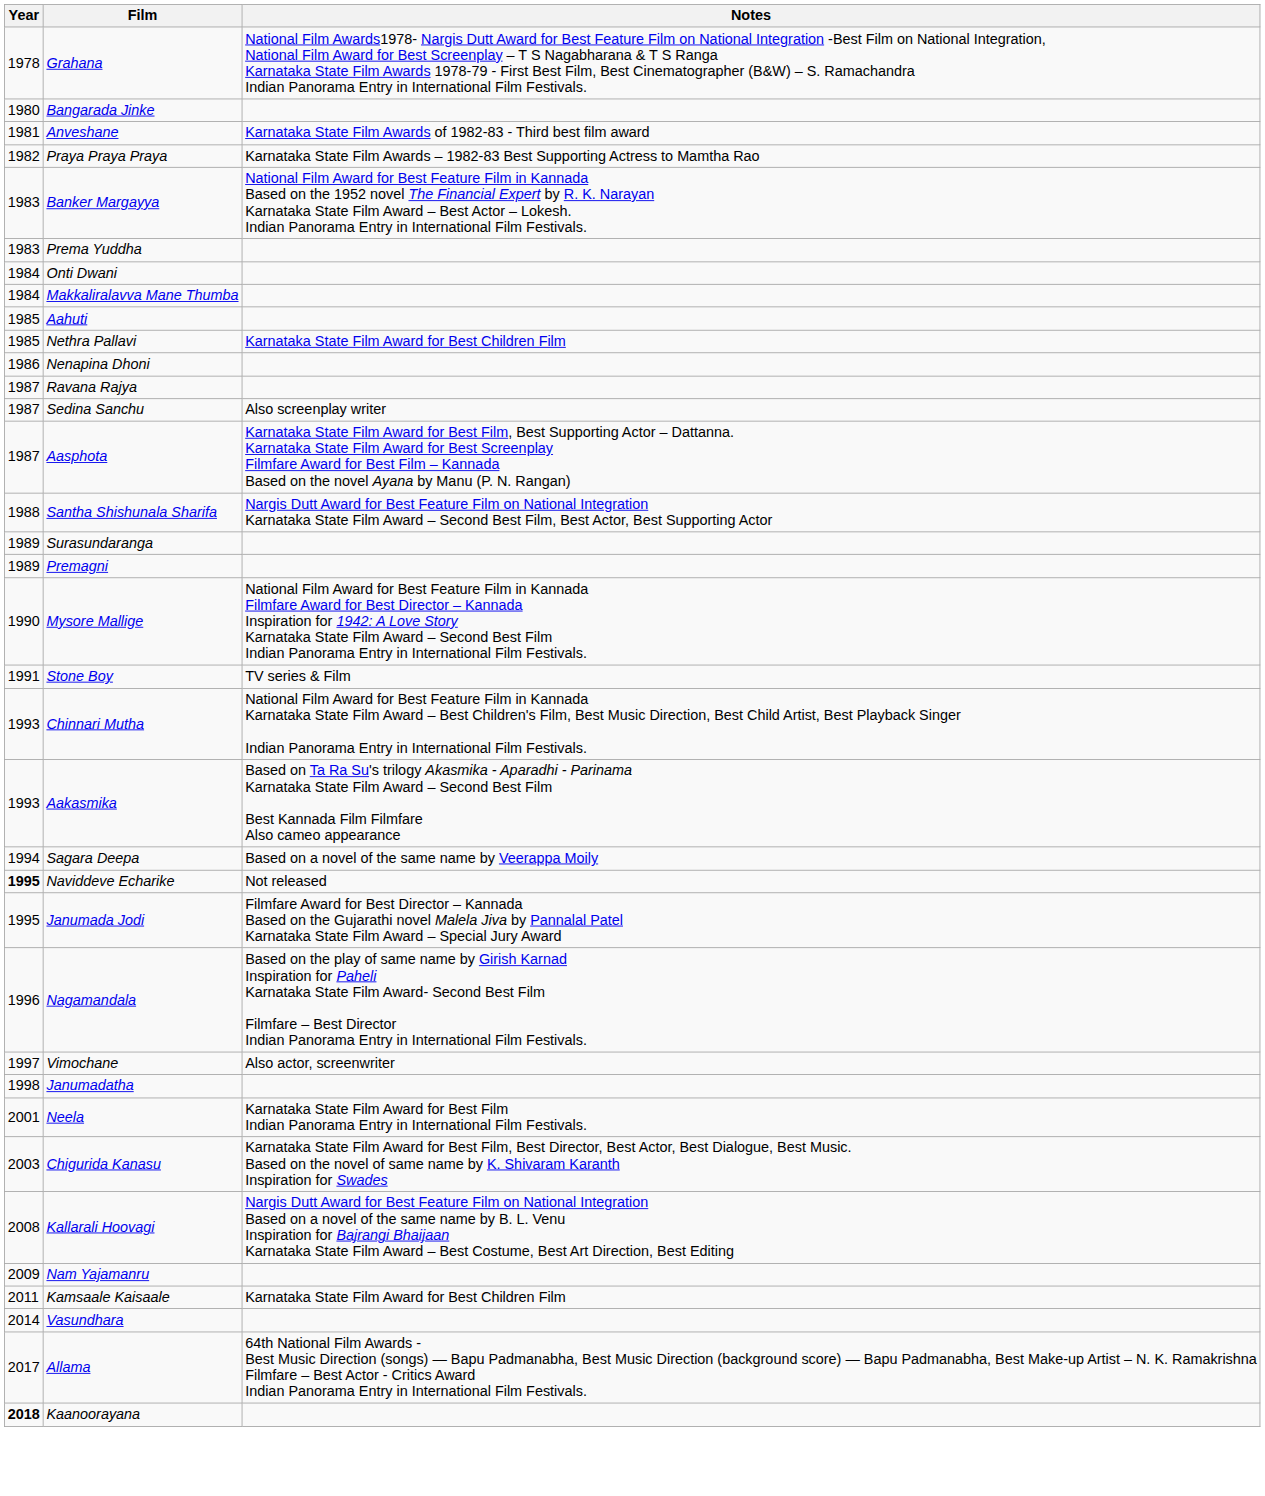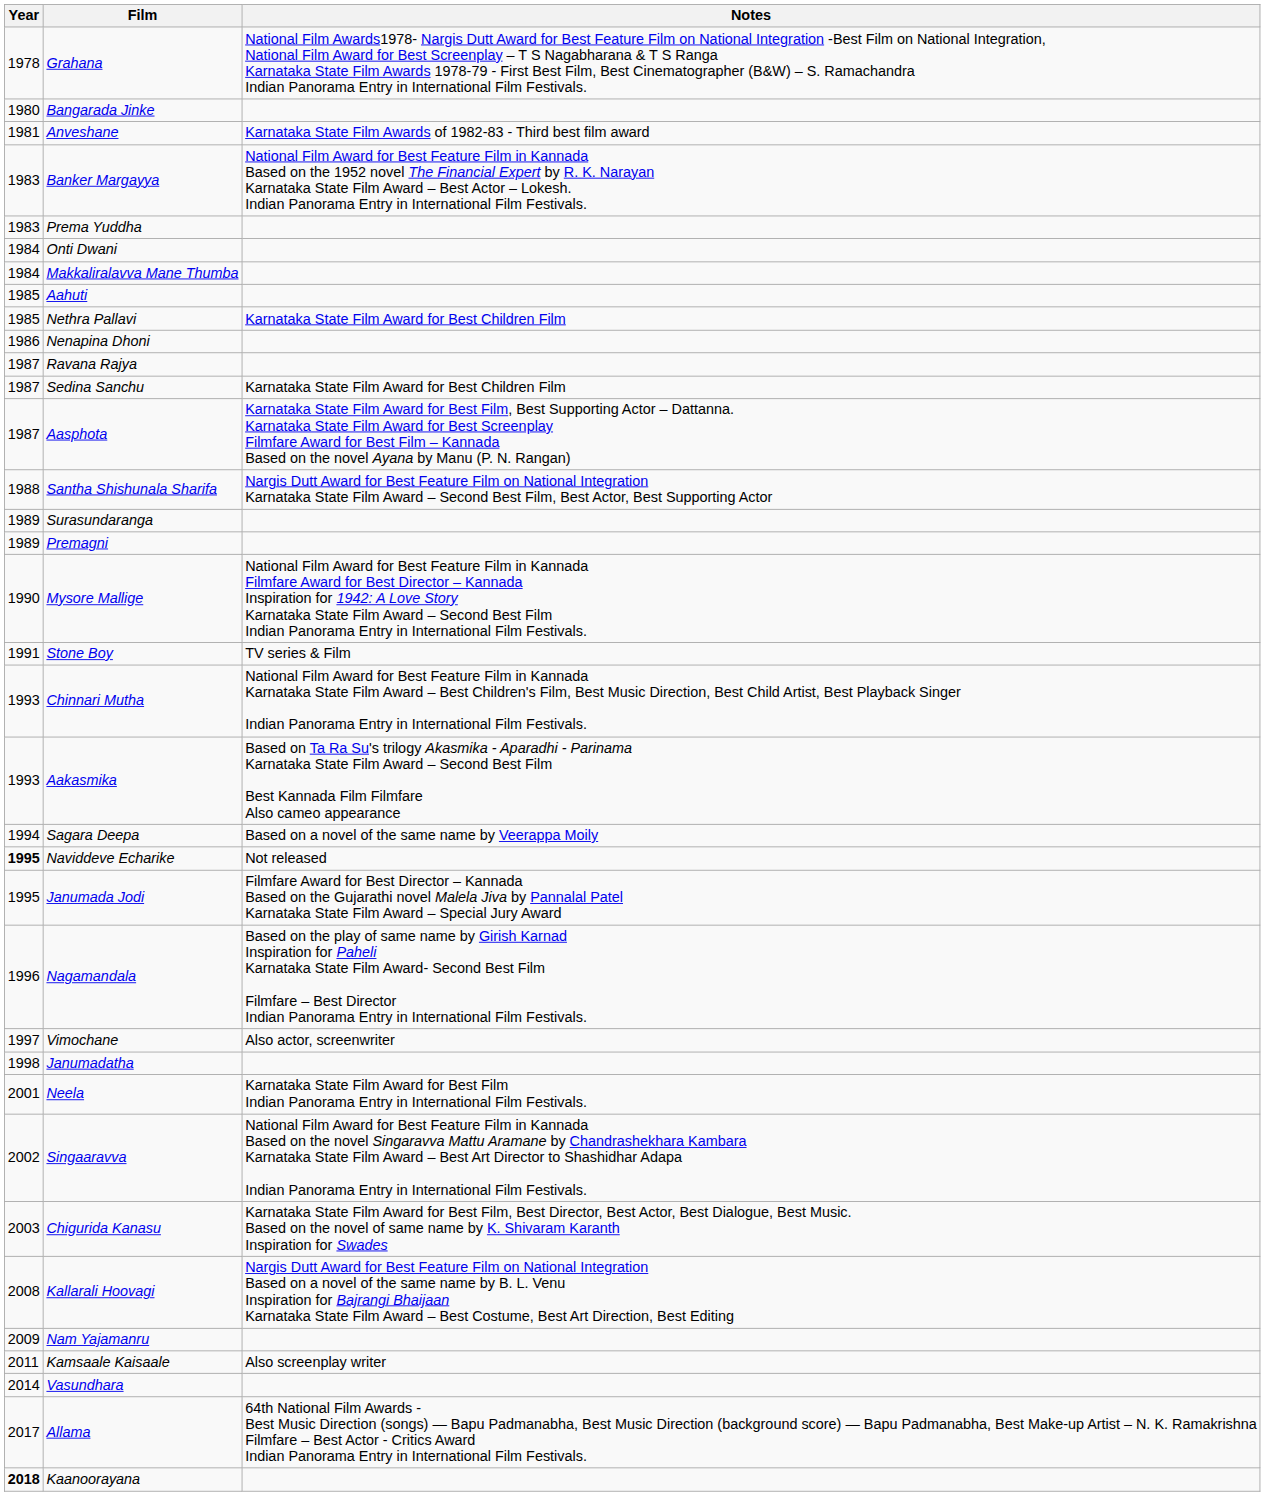 <table class="wikitable sortable">
 <tr>
 <th>Year</th>
 <th>Film</th>
 <th>Notes</th>
 </tr>
 <tr>
 <td>1978</td>
 <td><em><a href='#'>Grahana</a></em></td>
 <td><a href='#'>National Film Awards</a>1978- <a href='#'>Nargis Dutt Award for Best Feature Film on National Integration</a> -Best Film on National Integration,<br><a href='#'>National Film Award for Best Screenplay</a> –  T S Nagabharana & T S Ranga<br><a href='#'>Karnataka State Film Awards</a> 1978-79 - First Best Film, Best Cinematographer (B&W) – S. Ramachandra<br> Indian Panorama Entry in International Film Festivals.</td>
 </tr>
 <tr>
 <td>1980</td>
 <td><em><a href='#'>Bangarada Jinke</a></em></td>
 <td></td>
 </tr>
 <tr>
 <td>1981</td>
 <td><em><a href='#'>Anveshane</a></em></td>
 <td><a href='#'>Karnataka State Film Awards</a> of 1982-83 - Third best film award</td>
-</tr>
-<tr>
-<td>1982</td>
-<td><em>Praya Praya Praya</em></td>
-<td>Karnataka State Film Awards – 1982-83 Best Supporting Actress to Mamtha Rao</td>
 </tr>
 <tr>
 <td>1983</td>
 <td><em><a href='#'>Banker Margayya</a></em></td>
 <td><a href='#'>National Film Award for Best Feature Film in Kannada</a><br> Based on the 1952 novel <em><a href='#'>The Financial Expert</a></em> by <a href='#'>R. K. Narayan</a><br> Karnataka State Film Award – Best Actor – Lokesh.<br>Indian Panorama Entry in International Film Festivals.</td>
 </tr>
 <tr>
 <td>1983</td>
 <td><em>Prema Yuddha</em></td>
 <td></td>
 </tr>
 <tr>
 <td>1984</td>
 <td><em>Onti Dwani</em></td>
 <td></td>
 </tr>
 <tr>
 <td>1984</td>
 <td><em><a href='#'>Makkaliralavva Mane Thumba</a></em></td>
 <td></td>
 </tr>
 <tr>
 <td>1985</td>
 <td><em><a href='#'>Aahuti</a></em></td>
 <td></td>
 </tr>
 <tr>
 <td>1985</td>
 <td><em>Nethra Pallavi</em></td>
 <td><a href='#'>Karnataka State Film Award for Best Children Film</a></td>
 </tr>
 <tr>
 <td>1986</td>
 <td><em>Nenapina Dhoni</em></td>
 <td></td>
 </tr>
 <tr>
 <td>1987</td>
 <td><em>Ravana Rajya</em></td>
 <td></td>
 </tr>
 <tr>
 <td>1987</td>
 <td><em>Sedina Sanchu</em></td>
-<td>Also screenplay writer</td>
+<td>Karnataka State Film Award for Best Children Film</td>
 </tr>
 <tr>
 <td>1987</td>
 <td><em><a href='#'>Aasphota</a></em></td>
 <td><a href='#'>Karnataka State Film Award for Best Film</a>, Best Supporting Actor – Dattanna.<br><a href='#'>Karnataka State Film Award for Best Screenplay</a><br><a href='#'>Filmfare Award for Best Film – Kannada</a><br>Based on the novel <em>Ayana</em> by Manu (P. N. Rangan)</td>
 </tr>
 <tr>
 <td>1988</td>
 <td><em><a href='#'>Santha Shishunala Sharifa</a></em></td>
 <td><a href='#'>Nargis Dutt Award for Best Feature Film on National Integration</a><br> Karnataka State Film Award – Second Best Film, Best Actor, Best Supporting Actor</td>
 </tr>
 <tr>
 <td>1989</td>
 <td><em>Surasundaranga</em></td>
 <td></td>
 </tr>
 <tr>
 <td>1989</td>
 <td><em><a href='#'>Premagni</a></em></td>
 <td></td>
 </tr>
 <tr>
 <td>1990</td>
 <td><em><a href='#'>Mysore Mallige</a></em></td>
 <td>National Film Award for Best Feature Film in Kannada<br><a href='#'>Filmfare Award for Best Director – Kannada</a><br> Inspiration for <em><a href='#'>1942: A Love Story</a></em> <br> Karnataka State Film Award – Second Best Film <br> Indian Panorama Entry in International Film Festivals.</td>
 </tr>
 <tr>
 <td>1991</td>
 <td><em><a href='#'>Stone Boy</a></em></td>
 <td>TV series & Film</td>
 </tr>
 <tr>
 <td>1993</td>
 <td><em><a href='#'>Chinnari Mutha</a></em></td>
 <td>National Film Award for Best Feature Film in Kannada <br> Karnataka State Film Award – Best Children's Film, Best Music Direction, Best Child Artist, Best Playback Singer <br><br>Indian Panorama Entry in International Film Festivals.</td>
 </tr>
 <tr>
 <td>1993</td>
 <td><em><a href='#'>Aakasmika</a></em></td>
 <td>Based on <a href='#'>Ta Ra Su</a>'s trilogy <em>Akasmika - Aparadhi - Parinama</em><br> Karnataka State Film Award – Second Best Film <br><br>Best Kannada Film Filmfare <br>  Also cameo appearance</td>
 </tr>
 <tr>
 <td>1994</td>
 <td><em>Sagara Deepa</em></td>
 <td>Based on a novel of the same name by <a href='#'>Veerappa Moily</a></td>
 </tr>
 <tr>
 <td><strong>1995</strong></td>
 <td><em>Naviddeve Echarike</em></td>
 <td>Not released</td>
 </tr>
 <tr>
 <td>1995</td>
 <td><em><a href='#'>Janumada Jodi</a></em></td>
 <td>Filmfare Award for Best Director – Kannada <br>Based on the Gujarathi novel <em>Malela Jiva</em> by <a href='#'>Pannalal Patel</a> <br> Karnataka State Film Award – Special Jury Award</td>
 </tr>
 <tr>
 <td>1996</td>
 <td><em><a href='#'>Nagamandala</a></em></td>
 <td>Based on the play of same name by <a href='#'>Girish Karnad</a><br> Inspiration for <em><a href='#'>Paheli</a></em> <br> Karnataka State Film Award- Second Best Film <br><br>Filmfare – Best Director <br> Indian Panorama Entry in International Film Festivals.</td>
 </tr>
 <tr>
 <td>1997</td>
 <td><em>Vimochane</em></td>
 <td>Also actor, screenwriter</td>
 </tr>
 <tr>
 <td>1998</td>
 <td><em><a href='#'>Janumadatha</a></em></td>
 <td></td>
 </tr>
 <tr>
 <td>2001</td>
 <td><em><a href='#'>Neela</a></em></td>
 <td>Karnataka State Film Award for Best Film <br>Indian Panorama Entry in International Film Festivals.</td>
 </tr>
 <tr>
+<td>2002</td>
+<td><em><a href='#'>Singaaravva</a></em></td>
+<td>National Film Award for Best Feature Film in Kannada <br>Based on the novel <em>Singaravva Mattu Aramane </em> by <a href='#'>Chandrashekhara Kambara</a> <br> Karnataka State Film Award – Best Art Director to Shashidhar Adapa <br><br>Indian Panorama Entry in International Film Festivals.</td>
+</tr>
+<tr>
 <td>2003</td>
 <td><em><a href='#'>Chigurida Kanasu</a></em></td>
 <td>Karnataka State Film Award for Best Film, Best Director, Best Actor, Best Dialogue, Best Music.<br>Based on the novel of same name by <a href='#'>K. Shivaram Karanth</a> <br> Inspiration for <em><a href='#'>Swades</a></em> <br></td>
 </tr>
 <tr>
 <td>2008</td>
 <td><em><a href='#'>Kallarali Hoovagi</a></em></td>
 <td><a href='#'>Nargis Dutt Award for Best Feature Film on National Integration</a><br> Based on a novel of the same name by B. L. Venu<br> Inspiration for <em><a href='#'>Bajrangi Bhaijaan</a></em> <br> Karnataka State Film Award – Best Costume, Best Art Direction, Best Editing</td>
 </tr>
 <tr>
 <td>2009</td>
 <td><em><a href='#'>Nam Yajamanru</a></em></td>
 <td></td>
 </tr>
 <tr>
 <td>2011</td>
 <td><em>Kamsaale Kaisaale</em></td>
-<td>Karnataka State Film Award for Best Children Film</td>
+<td>Also screenplay writer</td>
 </tr>
 <tr>
 <td>2014</td>
 <td><em><a href='#'>Vasundhara</a></em></td>
 <td></td>
 </tr>
 <tr>
 <td>2017</td>
 <td><em><a href='#'>Allama</a></em></td>
 <td>64th National Film Awards -<br>Best Music Direction (songs) — Bapu Padmanabha,  Best Music Direction (background score) — Bapu Padmanabha,  Best Make-up Artist – N. K. Ramakrishna <br> Filmfare – Best Actor - Critics Award <br> Indian Panorama Entry in International Film Festivals.</td>
 </tr>
 <tr>
 <td><strong>2018</strong></td>
 <td><em>Kaanoorayana</em></td>
 <td></td>
 </tr>
 </table>
